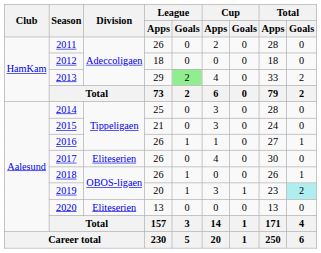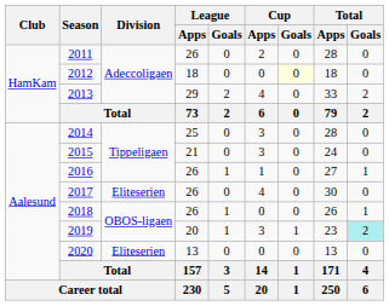 <table class="wikitable" style="text-align: center;">
 <tr>
 <th rowspan="2">Club</th>
 <th rowspan="2">Season</th>
 <th rowspan="2">Division</th>
 <th colspan="2">League</th>
 <th colspan="2">Cup</th>
 <th colspan="2">Total</th>
 </tr>
 <tr>
 <th>Apps</th>
 <th>Goals</th>
 <th>Apps</th>
 <th>Goals</th>
 <th>Apps</th>
 <th>Goals</th>
 </tr>
 <tr>
 <td rowspan="4" valign="center"><a href='#'>HamKam</a></td>
 <td><a href='#'>2011</a></td>
 <td rowspan="3" valign="center"><a href='#'>Adeccoligaen</a></td>
 <td>26</td>
 <td>0</td>
 <td>2</td>
 <td>0</td>
 <td>28</td>
 <td>0</td>
 </tr>
 <tr>
 <td><a href='#'>2012</a></td>
 <td>18</td>
 <td>0</td>
 <td>0</td>
-<td>0</td>
+<td style="background: lightyellow;">0</td>
 <td>18</td>
 <td>0</td>
 </tr>
 <tr>
 <td><a href='#'>2013</a></td>
 <td>29</td>
-<td style="background: lightgreen;">2</td>
+<td>2</td>
 <td>4</td>
 <td>0</td>
 <td>33</td>
 <td>2</td>
 </tr>
 <tr>
 <th colspan="2">Total</th>
 <th>73</th>
 <th>2</th>
 <th>6</th>
 <th>0</th>
 <th>79</th>
 <th>2</th>
 </tr>
 <tr>
 <td rowspan="8" valign="center"><a href='#'>Aalesund</a></td>
 <td><a href='#'>2014</a></td>
 <td rowspan="3" valign="center"><a href='#'>Tippeligaen</a></td>
 <td>25</td>
 <td>0</td>
 <td>3</td>
 <td>0</td>
 <td>28</td>
 <td>0</td>
 </tr>
 <tr>
 <td><a href='#'>2015</a></td>
 <td>21</td>
 <td>0</td>
 <td>3</td>
 <td>0</td>
 <td>24</td>
 <td>0</td>
 </tr>
 <tr>
 <td><a href='#'>2016</a></td>
 <td>26</td>
 <td>1</td>
 <td>1</td>
 <td>0</td>
 <td>27</td>
 <td>1</td>
 </tr>
 <tr>
 <td><a href='#'>2017</a></td>
 <td rowspan="1" valign="center"><a href='#'>Eliteserien</a></td>
 <td>26</td>
 <td>0</td>
 <td>4</td>
 <td>0</td>
 <td>30</td>
 <td>0</td>
 </tr>
 <tr>
 <td><a href='#'>2018</a></td>
 <td rowspan="2" valign="center"><a href='#'>OBOS-ligaen</a></td>
 <td>26</td>
 <td>1</td>
 <td>0</td>
 <td>0</td>
 <td>26</td>
 <td>1</td>
 </tr>
 <tr>
 <td><a href='#'>2019</a></td>
 <td>20</td>
 <td>1</td>
 <td>3</td>
 <td>1</td>
 <td>23</td>
 <td style="background: paleturquoise;">2</td>
 </tr>
 <tr>
 <td><a href='#'>2020</a></td>
 <td rowspan="1" valign="center"><a href='#'>Eliteserien</a></td>
 <td>13</td>
 <td>0</td>
 <td>0</td>
 <td>0</td>
 <td>13</td>
 <td>0</td>
 </tr>
 <tr>
 <th colspan="2">Total</th>
 <th>157</th>
 <th>3</th>
 <th>14</th>
 <th>1</th>
 <th>171</th>
 <th>4</th>
 </tr>
 <tr>
 <th colspan="3">Career total</th>
 <th>230</th>
 <th>5</th>
 <th>20</th>
 <th>1</th>
 <th>250</th>
 <th>6</th>
 </tr>
 </table>
